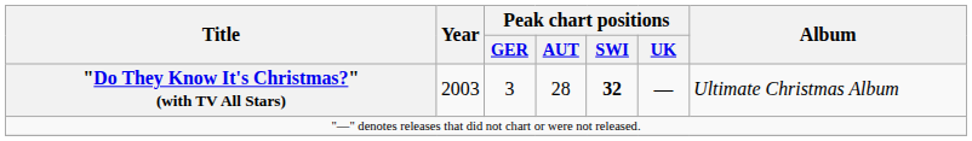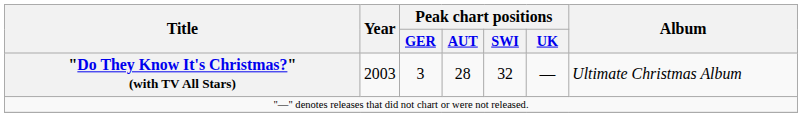 <table class="wikitable plainrowheaders" style="text-align:center;">
 <tr>
 <th scope="col" rowspan="2" style="width:22em;">Title</th>
 <th scope="col" rowspan="2" style="width:2em;">Year</th>
 <th scope="col" colspan="4">Peak chart positions</th>
 <th scope="col" rowspan="2" style="width:14em;">Album</th>
 </tr>
 <tr>
 <th scope="col" style="width:2.5em;font-size:90%;"><a href='#'>GER</a><br></th>
 <th scope="col" style="width:2.5em;font-size:90%;"><a href='#'>AUT</a><br></th>
 <th scope="col" style="width:2.5em;font-size:90%;"><a href='#'>SWI</a><br></th>
 <th scope="col" style="width:2.5em;font-size:90%;"><a href='#'>UK</a><br></th>
 </tr>
 <tr>
 <th scope="row">"<a href='#'>Do They Know It's Christmas?</a>" <br><small>(with TV All Stars)</small></th>
 <td>2003</td>
 <td>3</td>
 <td>28</td>
-<td><strong>32</strong></td>
+<td>32</td>
 <td>—</td>
 <td align="left"><em>Ultimate Christmas Album</em></td>
 </tr>
 <tr>
 <td colspan="16" style="font-size: 8pt">"—" denotes releases that did not chart or were not released.</td>
 </tr>
 <tr>
 </tr>
 </table>
